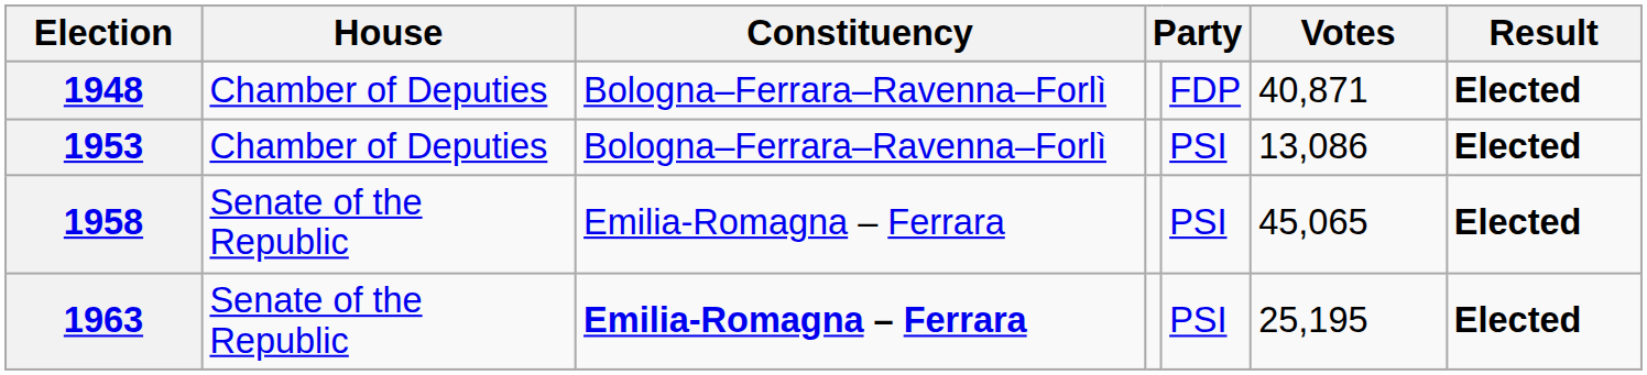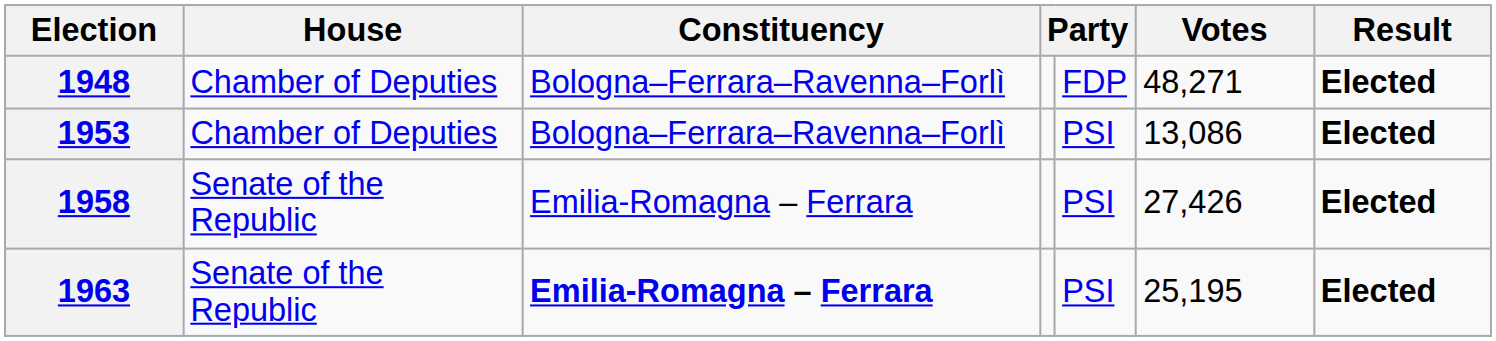 <table class=wikitable style="width:58%; border:1px #AAAAFF solid">
 <tr>
 <th width=12%>Election</th>
 <th width=23%>House</th>
 <th width=35%>Constituency</th>
 <th width=5% colspan="2">Party</th>
 <th width=12%>Votes</th>
 <th width=12%>Result</th>
 </tr>
 <tr>
 <th><a href='#'>1948</a></th>
 <td><a href='#'>Chamber of Deputies</a></td>
 <td><a href='#'>Bologna–Ferrara–Ravenna–Forlì</a></td>
 <td></td>
 <td><a href='#'>FDP</a></td>
-<td>40,871</td>
+<td>48,271</td>
 <td> <strong>Elected</strong></td>
 </tr>
 <tr>
 <th><a href='#'>1953</a></th>
 <td><a href='#'>Chamber of Deputies</a></td>
 <td><a href='#'>Bologna–Ferrara–Ravenna–Forlì</a></td>
 <td></td>
 <td><a href='#'>PSI</a></td>
 <td>13,086</td>
 <td> <strong>Elected</strong></td>
 </tr>
 <tr>
 <th><a href='#'>1958</a></th>
 <td><a href='#'>Senate of the Republic</a></td>
 <td><a href='#'>Emilia-Romagna</a> – <a href='#'>Ferrara</a></td>
 <td></td>
 <td><a href='#'>PSI</a></td>
-<td>45,065</td>
+<td>27,426</td>
 <td> <strong>Elected</strong></td>
 </tr>
 <tr>
 <th><a href='#'>1963</a></th>
 <td><a href='#'>Senate of the Republic</a></td>
 <td><strong><a href='#'>Emilia-Romagna</a> – <a href='#'>Ferrara</a></strong></td>
 <td></td>
 <td><a href='#'>PSI</a></td>
 <td>25,195</td>
 <td> <strong>Elected</strong></td>
 </tr>
 </table>
